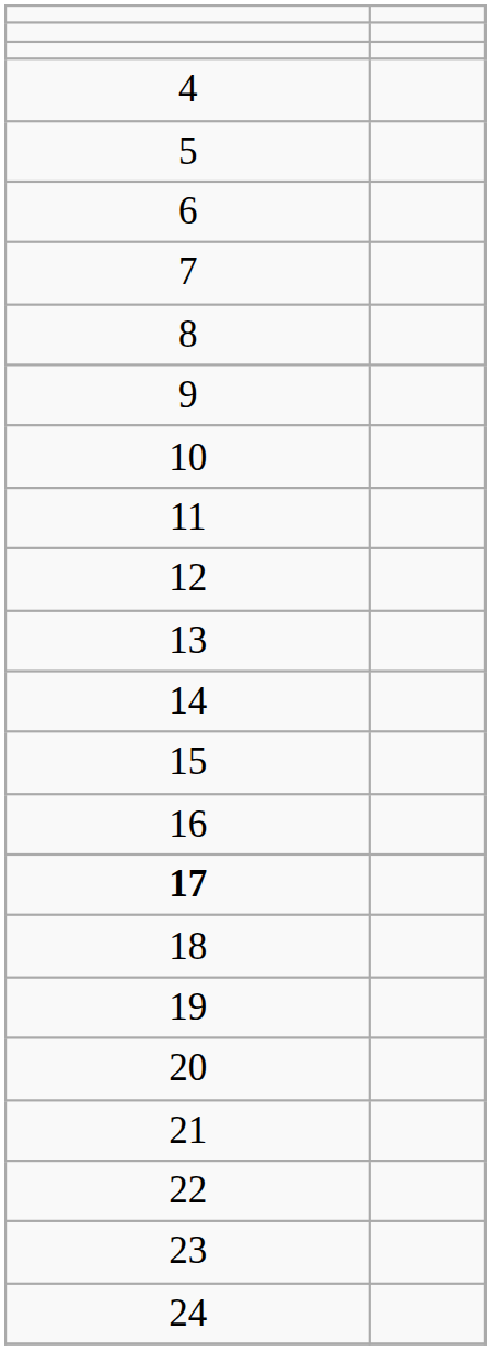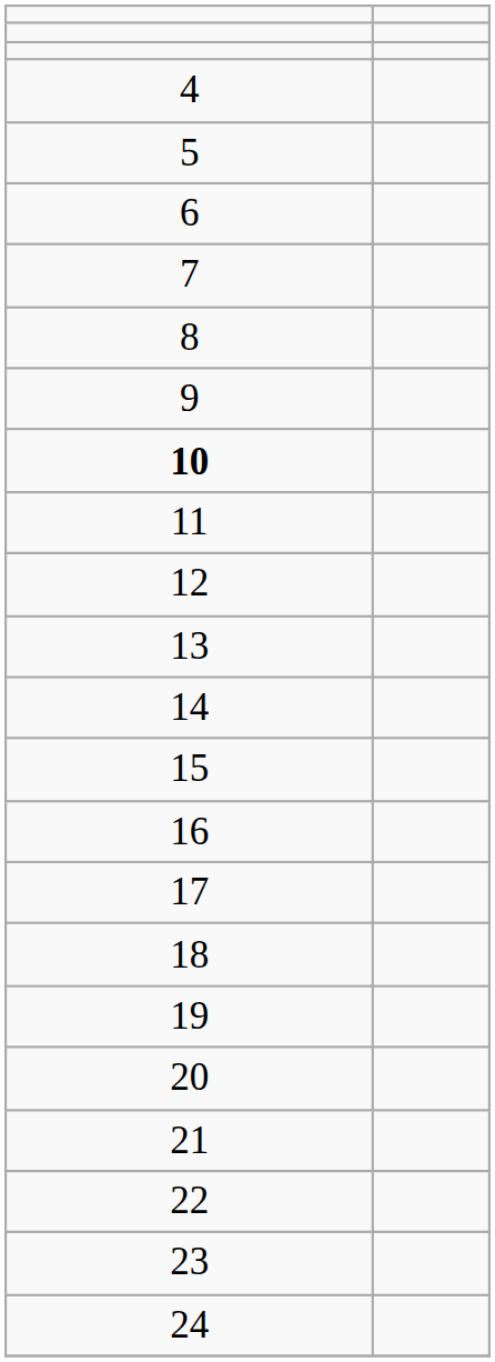 <table class="wikitable" width="200px">
 <tr>
 <td align=center></td>
 <td></td>
 </tr>
 <tr>
 <td align=center></td>
 <td></td>
 </tr>
 <tr>
 <td align=center></td>
 <td></td>
 </tr>
 <tr>
 <td align=center>4</td>
 <td></td>
 </tr>
 <tr>
 <td align=center>5</td>
 <td></td>
 </tr>
 <tr>
 <td align=center>6</td>
 <td></td>
 </tr>
 <tr>
 <td align=center>7</td>
 <td></td>
 </tr>
 <tr>
 <td align=center>8</td>
 <td></td>
 </tr>
 <tr>
 <td align=center>9</td>
 <td></td>
 </tr>
 <tr>
-<td align=center>10</td>
+<td align=center><strong>10</strong></td>
 <td></td>
 </tr>
 <tr>
 <td align=center>11</td>
 <td></td>
 </tr>
 <tr>
 <td align=center>12</td>
 <td></td>
 </tr>
 <tr>
 <td align=center>13</td>
 <td></td>
 </tr>
 <tr>
 <td align=center>14</td>
 <td></td>
 </tr>
 <tr>
 <td align=center>15</td>
 <td></td>
 </tr>
 <tr>
 <td align=center>16</td>
 <td></td>
 </tr>
 <tr>
-<td align=center><strong>17</strong></td>
+<td align=center>17</td>
 <td></td>
 </tr>
 <tr>
 <td align=center>18</td>
 <td></td>
 </tr>
 <tr>
 <td align=center>19</td>
 <td></td>
 </tr>
 <tr>
 <td align=center>20</td>
 <td></td>
 </tr>
 <tr>
 <td align=center>21</td>
 <td></td>
 </tr>
 <tr>
 <td align=center>22</td>
 <td></td>
 </tr>
 <tr>
 <td align=center>23</td>
 <td></td>
 </tr>
 <tr>
 <td align=center>24</td>
 <td></td>
 </tr>
 <tr>
 </tr>
 </table>
